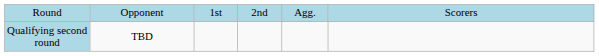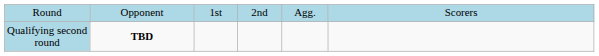 <table class="wikitable" style="text-align:center">
 <tr bgcolor=lightblue>
 <td width=150px>Round</td>
 <td width=200px>Opponent</td>
 <td width=80px>1st</td>
 <td width=80px>2nd</td>
 <td width=80px>Agg.</td>
 <td width=600px>Scorers</td>
 </tr>
 <tr>
 <td bgcolor=lightblue>Qualifying second round</td>
-<td>TBD</td>
+<td><strong>TBD</strong></td>
 <td></td>
 <td></td>
 <td></td>
 <td></td>
 </tr>
 </table>
